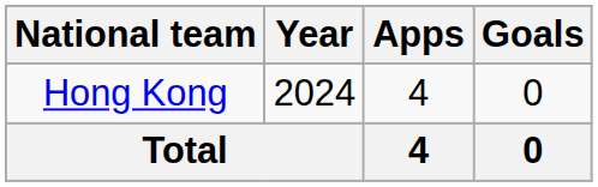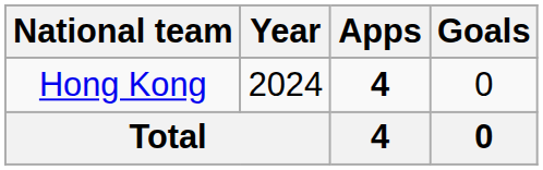 <table class="wikitable" style="text-align:center">
 <tr>
 <th>National team</th>
 <th>Year</th>
 <th>Apps</th>
 <th>Goals</th>
 </tr>
 <tr>
 <td rowspan=1><a href='#'>Hong Kong</a></td>
 <td>2024</td>
-<td>4</td>
+<td><strong>4</strong></td>
 <td>0</td>
 </tr>
 <tr>
 <th colspan=2>Total</th>
 <th>4</th>
 <th>0</th>
 </tr>
 </table>
